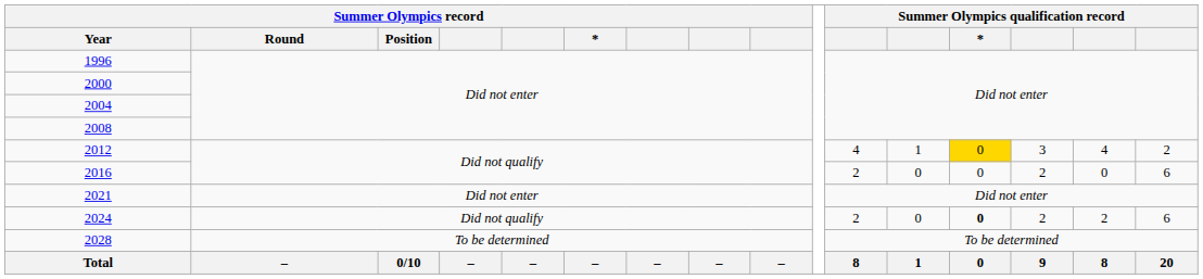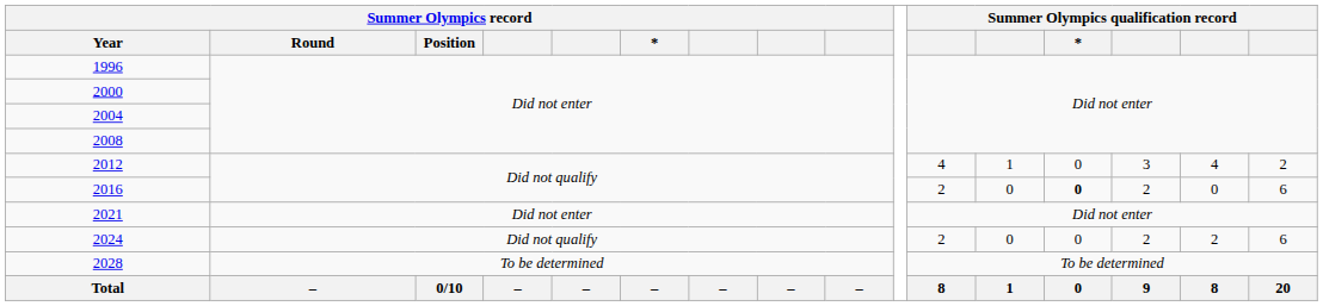 <table class="wikitable" style="font-size:90%; text-align:center; width:100%">
 <tr>
 <th colspan="9"><a href='#'>Summer Olympics</a> record</th>
 <th rowspan="12" style="width:1%;background:white"></th>
 <th colspan="6">Summer Olympics qualification record</th>
 </tr>
 <tr>
 <th width="15%">Year</th>
 <th width="15%">Round</th>
 <th width="5%">Position</th>
 <th width="5%"></th>
 <th width="5%"></th>
 <th width="5%">*</th>
 <th width="5%"></th>
 <th width="5%"></th>
 <th width="5%"></th>
 <th width="5%"></th>
 <th width="5%"></th>
 <th width="5%">*</th>
 <th width="5%"></th>
 <th width="5%"></th>
 <th width="5%"></th>
 </tr>
 <tr>
 <td> <a href='#'>1996</a></td>
 <td colspan="8" rowspan="4"><em>Did not enter</em></td>
 <td colspan="6" rowspan="4"><em>Did not enter</em></td>
 </tr>
 <tr>
 <td> <a href='#'>2000</a></td>
 </tr>
 <tr>
 <td> <a href='#'>2004</a></td>
 </tr>
 <tr>
 <td> <a href='#'>2008</a></td>
 </tr>
 <tr>
 <td> <a href='#'>2012</a></td>
 <td colspan="8" rowspan="2"><em>Did not qualify</em></td>
 <td>4</td>
 <td>1</td>
-<td style="background: gold;">0</td>
+<td>0</td>
 <td>3</td>
 <td>4</td>
 <td>2</td>
 </tr>
 <tr>
 <td> <a href='#'>2016</a></td>
 <td>2</td>
 <td>0</td>
-<td>0</td>
+<td><strong>0</strong></td>
 <td>2</td>
 <td>0</td>
 <td>6</td>
 </tr>
 <tr>
 <td> <a href='#'>2021</a></td>
 <td colspan="8"><em>Did not enter</em></td>
 <td colspan="6"><em>Did not enter</em></td>
 </tr>
 <tr>
 <td> <a href='#'>2024</a></td>
 <td colspan="8"><em>Did not qualify</em></td>
 <td>2</td>
 <td>0</td>
-<td><strong>0</strong></td>
+<td>0</td>
 <td>2</td>
 <td>2</td>
 <td>6</td>
 </tr>
 <tr>
 <td> <a href='#'>2028</a></td>
 <td colspan="8"><em>To be determined</em></td>
 <td colspan="6"><em>To be determined</em></td>
 </tr>
 <tr>
 <th>Total</th>
 <th>–</th>
 <th>0/10</th>
 <th>–</th>
 <th>–</th>
 <th>–</th>
 <th>–</th>
 <th>–</th>
 <th>–</th>
 <th>8</th>
 <th>1</th>
 <th>0</th>
 <th>9</th>
 <th>8</th>
 <th>20</th>
 </tr>
 </table>
